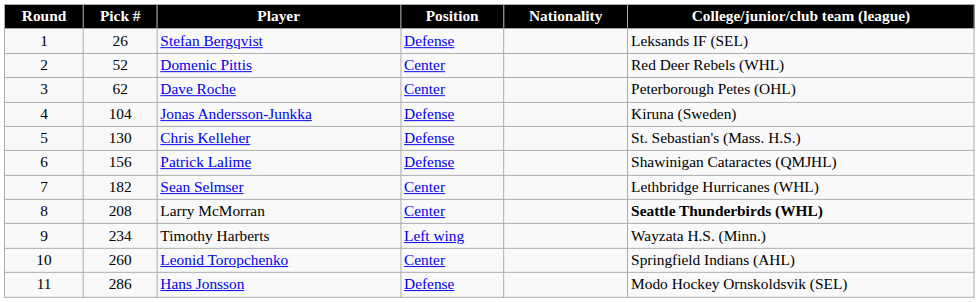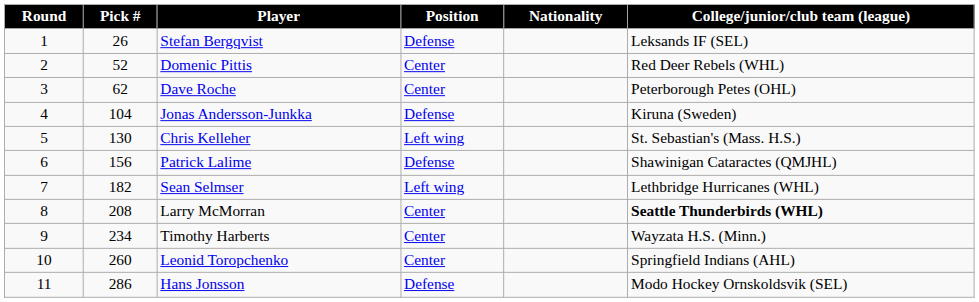 <table class="wikitable" style="width:80%;">
 <tr>
 <th style="color:white; background:#000000; ">Round</th>
 <th style="color:white; background:#000000; ">Pick #</th>
 <th style="color:white; background:#000000; ">Player</th>
 <th style="color:white; background:#000000; ">Position</th>
 <th style="color:white; background:#000000; ">Nationality</th>
 <th style="color:white; background:#000000; ">College/junior/club team (league)</th>
 </tr>
 <tr>
 <td align=center>1</td>
 <td align=center>26</td>
 <td><a href='#'>Stefan Bergqvist</a></td>
 <td><a href='#'>Defense</a></td>
 <td></td>
 <td>Leksands IF (SEL)</td>
 </tr>
 <tr>
 <td align=center>2</td>
 <td align=center>52</td>
 <td><a href='#'>Domenic Pittis</a></td>
 <td><a href='#'>Center</a></td>
 <td></td>
 <td>Red Deer Rebels (WHL)</td>
 </tr>
 <tr>
 <td align=center>3</td>
 <td align=center>62</td>
 <td><a href='#'>Dave Roche</a></td>
 <td><a href='#'>Center</a></td>
 <td></td>
 <td>Peterborough Petes (OHL)</td>
 </tr>
 <tr>
 <td align=center>4</td>
 <td align=center>104</td>
 <td><a href='#'>Jonas Andersson-Junkka</a></td>
 <td><a href='#'>Defense</a></td>
 <td></td>
 <td>Kiruna (Sweden)</td>
 </tr>
 <tr>
 <td align=center>5</td>
 <td align=center>130</td>
 <td><a href='#'>Chris Kelleher</a></td>
-<td><a href='#'>Defense</a></td>
+<td><a href='#'>Left wing</a></td>
 <td></td>
 <td>St. Sebastian's (Mass. H.S.)</td>
 </tr>
 <tr>
 <td align=center>6</td>
 <td align=center>156</td>
 <td><a href='#'>Patrick Lalime</a></td>
 <td><a href='#'>Defense</a></td>
 <td></td>
 <td>Shawinigan Cataractes (QMJHL)</td>
 </tr>
 <tr>
 <td align=center>7</td>
 <td align=center>182</td>
 <td><a href='#'>Sean Selmser</a></td>
-<td><a href='#'>Center</a></td>
+<td><a href='#'>Left wing</a></td>
 <td></td>
 <td>Lethbridge Hurricanes (WHL)</td>
 </tr>
 <tr>
 <td align=center>8</td>
 <td align=center>208</td>
 <td>Larry McMorran</td>
 <td><a href='#'>Center</a></td>
 <td></td>
 <td><strong>Seattle Thunderbirds (WHL)</strong></td>
 </tr>
 <tr>
 <td align=center>9</td>
 <td align=center>234</td>
 <td>Timothy Harberts</td>
-<td><a href='#'>Left wing</a></td>
+<td><a href='#'>Center</a></td>
 <td></td>
 <td>Wayzata H.S. (Minn.)</td>
 </tr>
 <tr>
 <td align=center>10</td>
 <td align=center>260</td>
 <td><a href='#'>Leonid Toropchenko</a></td>
 <td><a href='#'>Center</a></td>
 <td></td>
 <td>Springfield Indians (AHL)</td>
 </tr>
 <tr>
 <td align=center>11</td>
 <td align=center>286</td>
 <td><a href='#'>Hans Jonsson</a></td>
 <td><a href='#'>Defense</a></td>
 <td></td>
 <td>Modo Hockey Ornskoldsvik (SEL)</td>
 </tr>
 </table>
